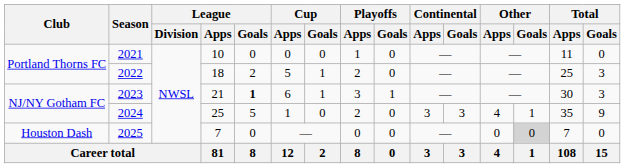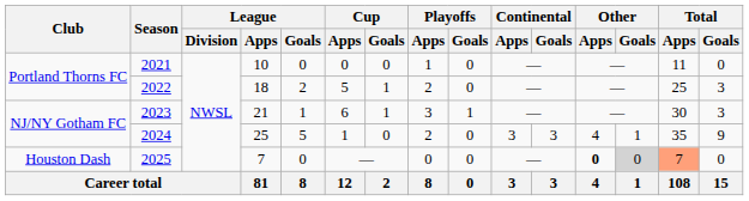 <table class="wikitable" style="text-align: center;">
 <tr>
 <th rowspan="2">Club</th>
 <th rowspan="2">Season</th>
 <th colspan="3">League</th>
 <th colspan="2">Cup</th>
 <th colspan="2">Playoffs</th>
 <th colspan="2">Continental</th>
 <th colspan="2">Other</th>
 <th colspan="2">Total</th>
 </tr>
 <tr>
 <th>Division</th>
 <th>Apps</th>
 <th>Goals</th>
 <th>Apps</th>
 <th>Goals</th>
 <th>Apps</th>
 <th>Goals</th>
 <th>Apps</th>
 <th>Goals</th>
 <th>Apps</th>
 <th>Goals</th>
 <th>Apps</th>
 <th>Goals</th>
 </tr>
 <tr>
 <td rowspan="2"><a href='#'>Portland Thorns FC</a></td>
 <td><a href='#'>2021</a></td>
 <td rowspan="5"><a href='#'>NWSL</a></td>
 <td>10</td>
 <td>0</td>
 <td>0</td>
 <td>0</td>
 <td>1</td>
 <td>0</td>
 <td colspan="2">—</td>
 <td colspan="2">—</td>
 <td>11</td>
 <td>0</td>
 </tr>
 <tr>
 <td><a href='#'>2022</a></td>
 <td>18</td>
 <td>2</td>
 <td>5</td>
 <td>1</td>
 <td>2</td>
 <td>0</td>
 <td colspan="2">—</td>
 <td colspan="2">—</td>
 <td>25</td>
 <td>3</td>
 </tr>
 <tr>
 <td rowspan="2"><a href='#'>NJ/NY Gotham FC</a></td>
 <td><a href='#'>2023</a></td>
 <td>21</td>
-<td><strong>1</strong></td>
+<td>1</td>
 <td>6</td>
 <td>1</td>
 <td>3</td>
 <td>1</td>
 <td colspan="2">—</td>
 <td colspan="2">—</td>
 <td>30</td>
 <td>3</td>
 </tr>
 <tr>
 <td><a href='#'>2024</a></td>
 <td>25</td>
 <td>5</td>
 <td>1</td>
 <td>0</td>
 <td>2</td>
 <td>0</td>
 <td>3</td>
 <td>3</td>
 <td>4</td>
 <td>1</td>
 <td>35</td>
 <td>9</td>
 </tr>
 <tr>
 <td><a href='#'>Houston Dash</a></td>
 <td><a href='#'>2025</a></td>
 <td>7</td>
 <td>0</td>
 <td colspan="2">—</td>
 <td>0</td>
 <td>0</td>
 <td colspan="2">—</td>
-<td>0</td>
+<td><strong>0</strong></td>
 <td style="background: lightgrey;">0</td>
-<td>7</td>
+<td style="background: lightsalmon;">7</td>
 <td>0</td>
 </tr>
 <tr>
 <th colspan="3">Career total</th>
 <th>81</th>
 <th>8</th>
 <th>12</th>
 <th>2</th>
 <th>8</th>
 <th>0</th>
 <th>3</th>
 <th>3</th>
 <th>4</th>
 <th>1</th>
 <th>108</th>
 <th>15</th>
 </tr>
 </table>
